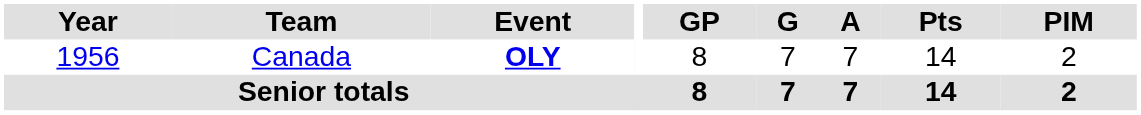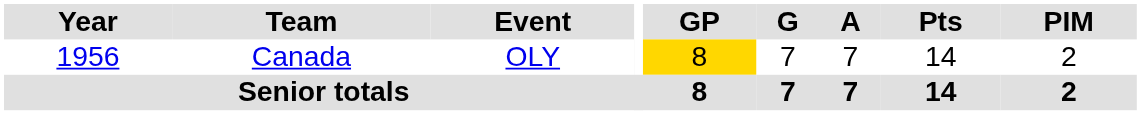 <table border="0" cellpadding="1" cellspacing="0" ID="Table3" style="text-align:center; width:40em">
 <tr bgcolor="#e0e0e0">
 <th>Year</th>
 <th>Team</th>
 <th>Event</th>
 <th rowspan="102" bgcolor="#ffffff"></th>
 <th>GP</th>
 <th>G</th>
 <th>A</th>
 <th>Pts</th>
 <th>PIM</th>
 </tr>
 <tr>
 <td><a href='#'>1956</a></td>
 <td><a href='#'>Canada</a></td>
-<td><strong><a href='#'>OLY</a></strong></td>
-<td>8</td>
+<td><a href='#'>OLY</a></td>
+<td style="background: gold;">8</td>
 <td>7</td>
 <td>7</td>
 <td>14</td>
 <td>2</td>
 </tr>
 <tr bgcolor="#e0e0e0">
 <th colspan="4">Senior totals</th>
 <th>8</th>
 <th>7</th>
 <th>7</th>
 <th>14</th>
 <th>2</th>
 </tr>
 </table>
